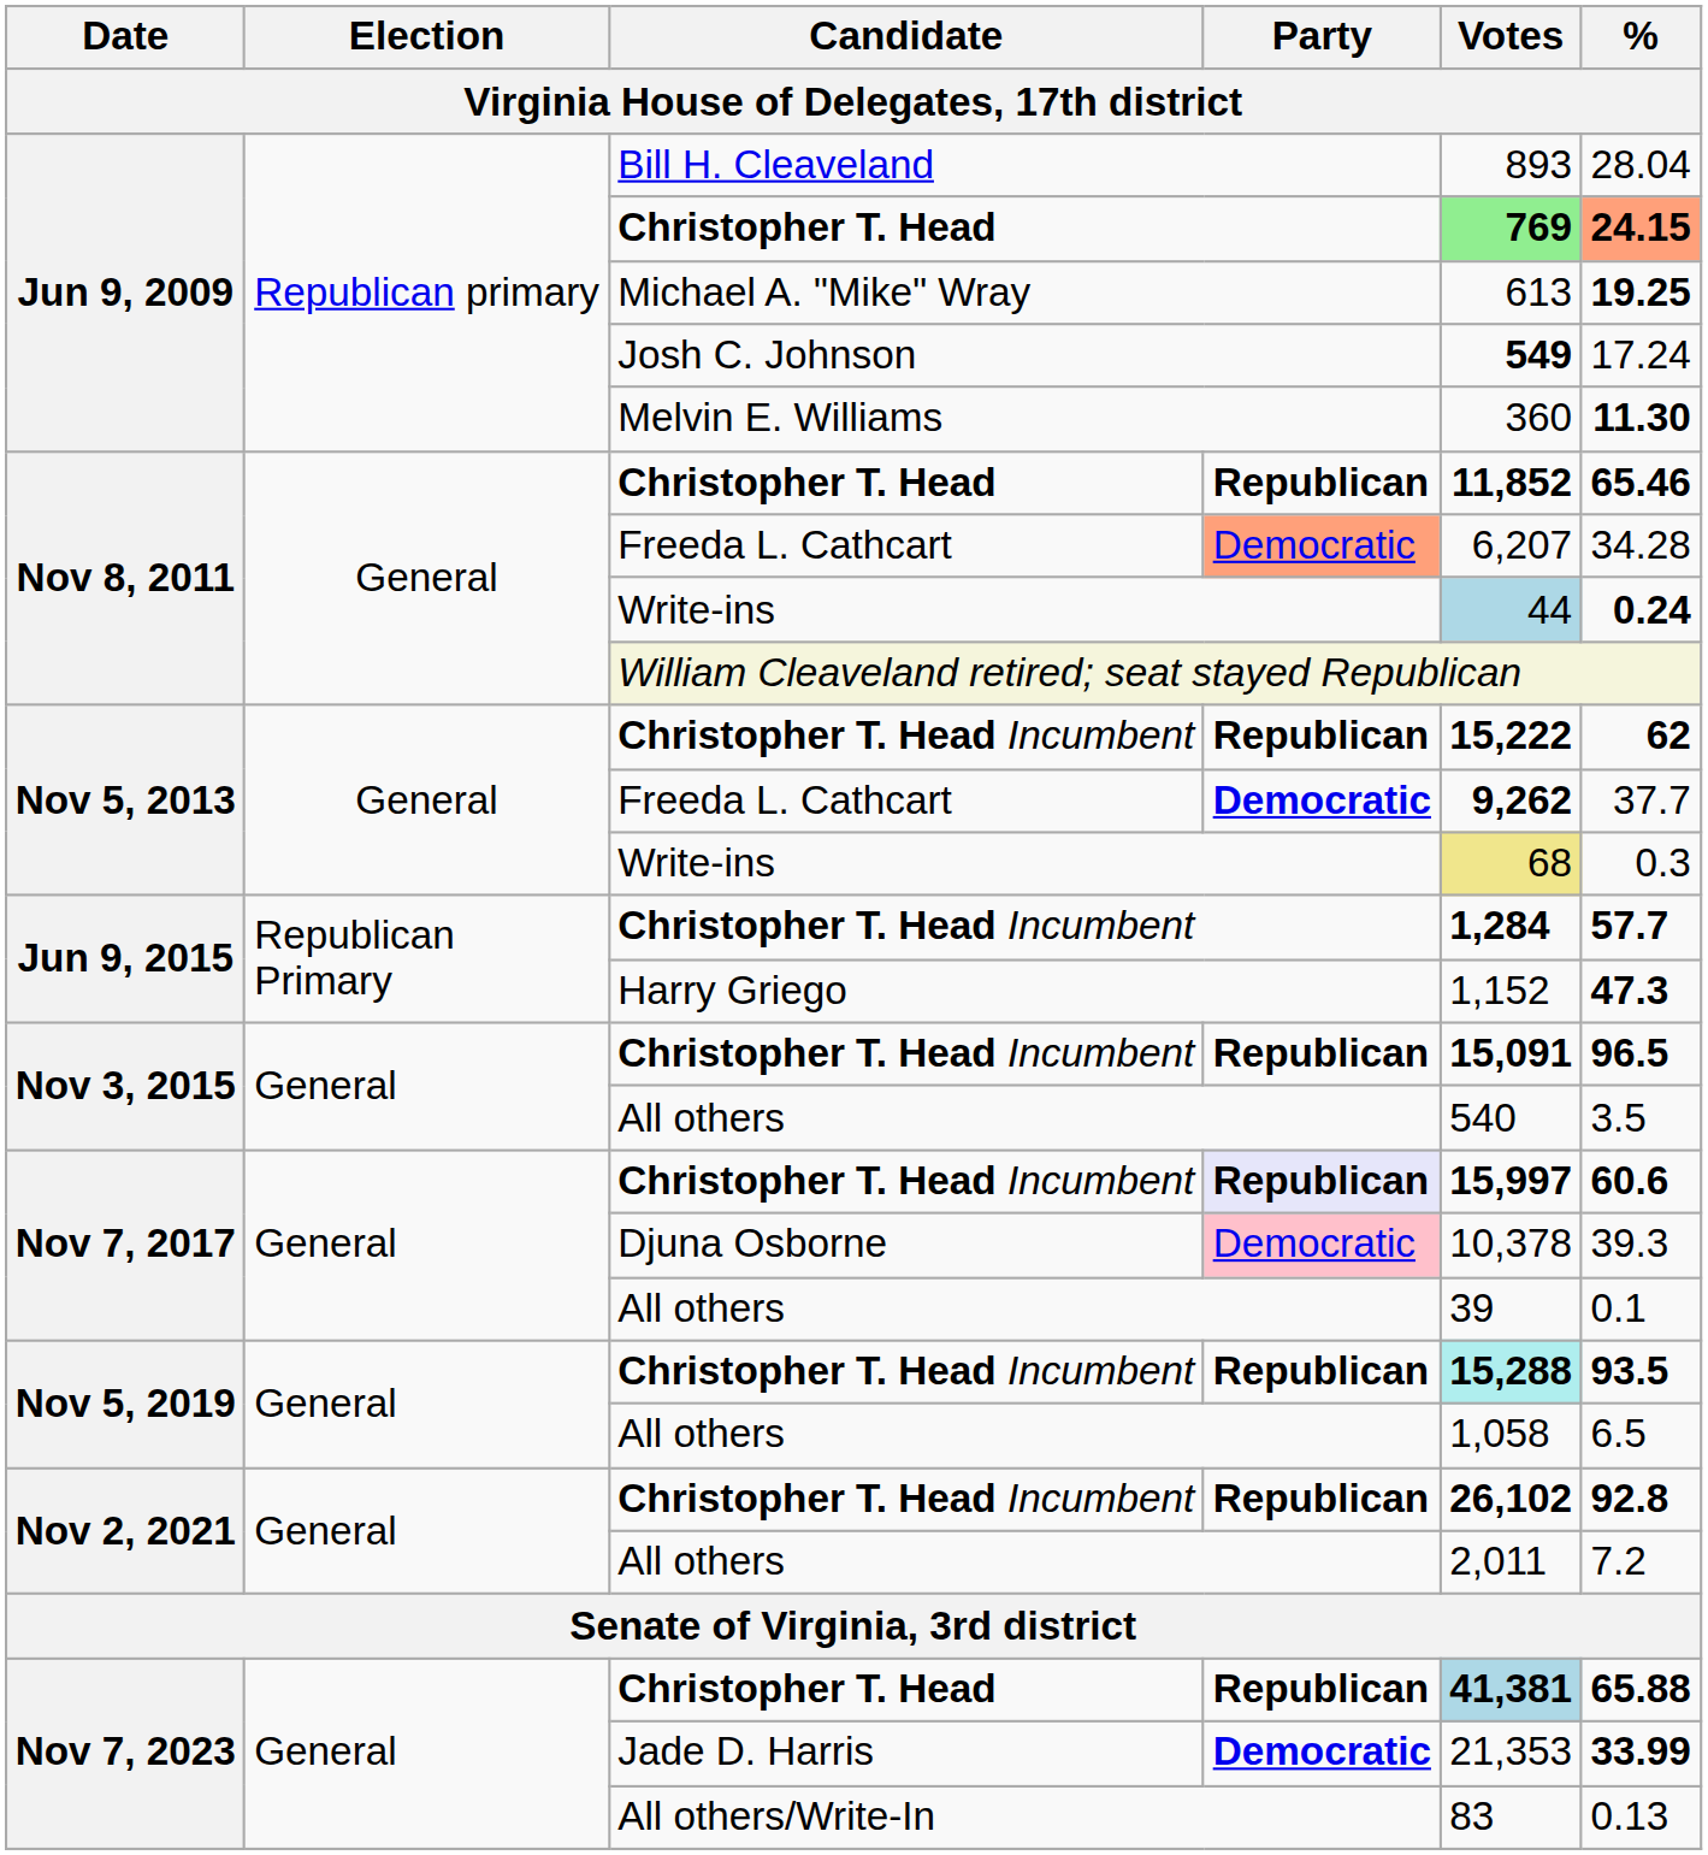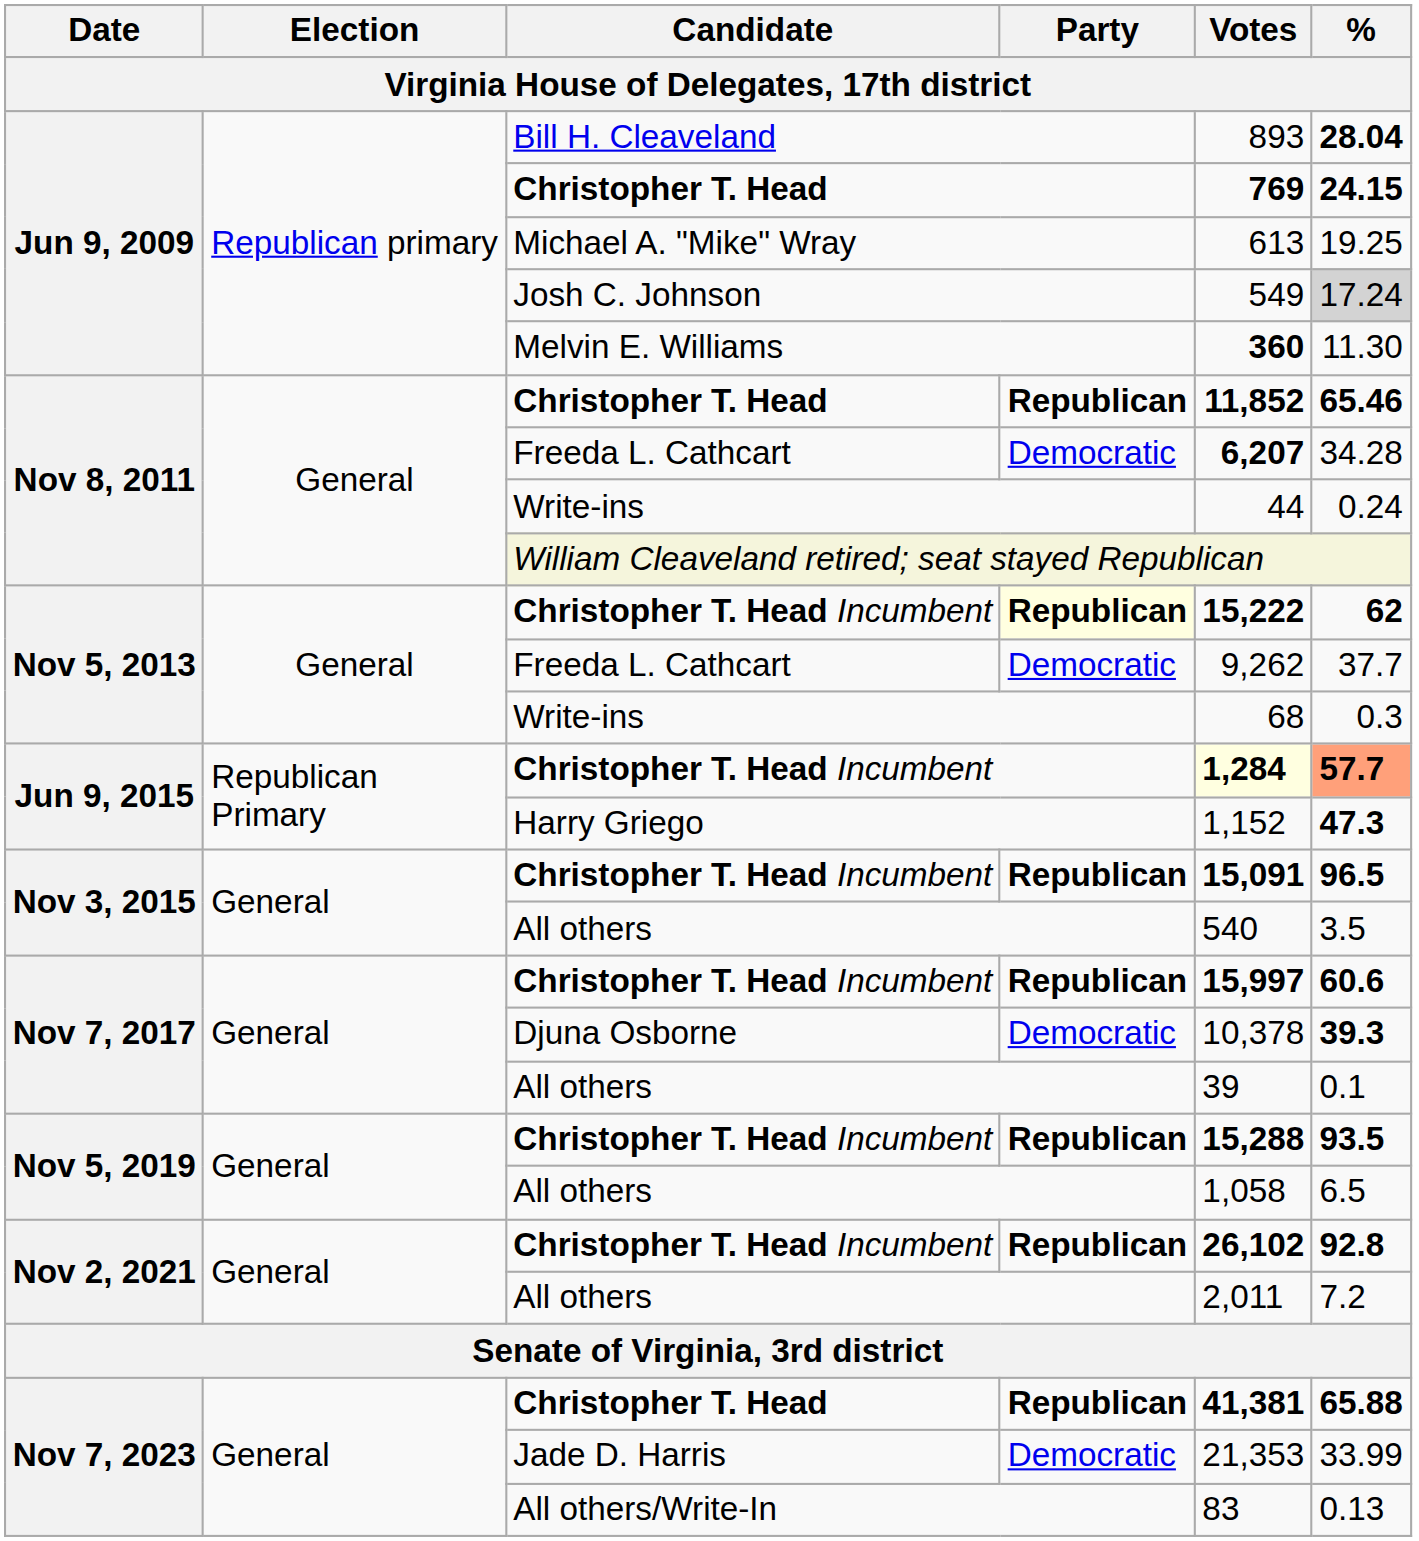 <table class="wikitable">
 <tr>
 <th>Date</th>
 <th>Election</th>
 <th>Candidate</th>
 <th>Party</th>
 <th>Votes</th>
 <th>%</th>
 </tr>
 <tr>
 <th colspan="6">Virginia House of Delegates, 17th district</th>
 </tr>
 <tr>
 <th rowspan="5">Jun 9, 2009</th>
 <td rowspan="5" align="center" ><a href='#'>Republican</a> primary</td>
 <td colspan="2"><a href='#'>Bill H. Cleaveland</a></td>
 <td align="right">893</td>
-<td align="right">28.04</td>
+<td align="right"><strong>28.04</strong></td>
 </tr>
 <tr>
 <td colspan="2"><strong>Christopher T. Head</strong></td>
-<td align="right" style="background: lightgreen;"><strong>769</strong></td>
-<td align="right" style="background: lightsalmon;"><strong>24.15</strong></td>
+<td align="right"><strong>769</strong></td>
+<td align="right"><strong>24.15</strong></td>
 </tr>
 <tr>
 <td colspan="2">Michael A. "Mike" Wray</td>
 <td align="right">613</td>
-<td align="right"><strong>19.25</strong></td>
+<td align="right">19.25</td>
 </tr>
 <tr>
 <td colspan="2">Josh C. Johnson</td>
-<td align="right"><strong>549</strong></td>
-<td align="right">17.24</td>
+<td align="right">549</td>
+<td align="right" style="background: lightgrey;">17.24</td>
 </tr>
 <tr>
 <td colspan="2">Melvin E. Williams</td>
-<td align="right">360</td>
-<td align="right"><strong>11.30</strong></td>
+<td align="right"><strong>360</strong></td>
+<td align="right">11.30</td>
 </tr>
 <tr>
 <th rowspan="4">Nov 8, 2011</th>
 <td rowspan="4" align="center">General</td>
 <td><strong>Christopher T. Head</strong></td>
 <td><strong>Republican</strong></td>
 <td align="right"><strong>11,852</strong></td>
 <td align="right"><strong>65.46</strong></td>
 </tr>
 <tr>
 <td>Freeda L. Cathcart</td>
-<td style="background: lightsalmon;"><a href='#'>Democratic</a></td>
-<td align="right">6,207</td>
+<td><a href='#'>Democratic</a></td>
+<td align="right"><strong>6,207</strong></td>
 <td align="right">34.28</td>
 </tr>
 <tr>
 <td colspan="2">Write-ins</td>
-<td align="right" style="background: lightblue;">44</td>
-<td align="right"><strong>0.24</strong></td>
+<td align="right">44</td>
+<td align="right">0.24</td>
 </tr>
 <tr>
 <td colspan="4" style="background:Beige"><em>William Cleaveland retired; seat stayed Republican</em></td>
 </tr>
 <tr>
 <th rowspan="3">Nov 5, 2013</th>
 <td rowspan="3" align="center">General</td>
 <td><strong>Christopher T. Head</strong> <em>Incumbent</em></td>
-<td><strong>Republican</strong></td>
+<td style="background: lightyellow;"><strong>Republican</strong></td>
 <td align="right"><strong>15,222</strong></td>
 <td align="right"><strong>62</strong></td>
 </tr>
 <tr>
 <td>Freeda L. Cathcart</td>
-<td><strong><a href='#'>Democratic</a></strong></td>
-<td align="right"><strong>9,262</strong></td>
+<td><a href='#'>Democratic</a></td>
+<td align="right">9,262</td>
 <td align="right">37.7</td>
 </tr>
 <tr>
 <td colspan="2">Write-ins</td>
-<td align="right" style="background: khaki;">68</td>
+<td align="right">68</td>
 <td align="right">0.3</td>
 </tr>
 <tr>
 <th rowspan="2">Jun 9, 2015 </th>
 <td rowspan="2">Republican<br>Primary</td>
 <td colspan="2"><strong>Christopher T. Head</strong> <em>Incumbent</em></td>
-<td><strong>1,284</strong></td>
-<td><strong>57.7</strong></td>
+<td style="background: lightyellow;"><strong>1,284</strong></td>
+<td style="background: lightsalmon;"><strong>57.7</strong></td>
 </tr>
 <tr>
 <td colspan="2">Harry Griego</td>
 <td>1,152</td>
 <td><strong>47.3</strong></td>
 </tr>
 <tr>
 <th rowspan="2">Nov 3, 2015 </th>
 <td rowspan="2">General</td>
 <td><strong>Christopher T. Head</strong> <em>Incumbent</em></td>
 <td><strong>Republican</strong></td>
 <td><strong>15,091</strong></td>
 <td><strong>96.5</strong></td>
 </tr>
 <tr>
 <td colspan="2">All others</td>
 <td>540</td>
 <td>3.5</td>
 </tr>
 <tr>
 <th rowspan="3">Nov 7, 2017 </th>
 <td rowspan="3">General</td>
 <td><strong>Christopher T. Head</strong> <em>Incumbent</em></td>
-<td style="background: lavender;"><strong>Republican</strong></td>
+<td><strong>Republican</strong></td>
 <td><strong>15,997</strong></td>
 <td><strong>60.6</strong></td>
 </tr>
 <tr>
 <td>Djuna Osborne</td>
-<td style="background: pink;"><a href='#'>Democratic</a></td>
+<td><a href='#'>Democratic</a></td>
 <td>10,378</td>
-<td>39.3</td>
+<td><strong>39.3</strong></td>
 </tr>
 <tr>
 <td colspan="2">All others</td>
 <td>39</td>
 <td>0.1</td>
 </tr>
 <tr>
 <th rowspan="2">Nov 5, 2019 </th>
 <td rowspan="2">General</td>
 <td><strong>Christopher T. Head</strong> <em>Incumbent</em></td>
 <td><strong>Republican</strong></td>
-<td style="background: paleturquoise;"><strong>15,288</strong></td>
+<td><strong>15,288</strong></td>
 <td><strong>93.5</strong></td>
 </tr>
 <tr>
 <td colspan="2">All others</td>
 <td>1,058</td>
 <td>6.5</td>
 </tr>
 <tr>
 <th rowspan="2">Nov 2, 2021 </th>
 <td rowspan="2">General</td>
 <td><strong>Christopher T. Head</strong> <em>Incumbent</em></td>
 <td><strong>Republican</strong></td>
 <td><strong>26,102</strong></td>
 <td><strong>92.8</strong></td>
 </tr>
 <tr>
 <td colspan="2">All others</td>
 <td>2,011</td>
 <td>7.2</td>
 </tr>
 <tr>
 <th colspan="6">Senate of Virginia, 3rd district</th>
 </tr>
 <tr>
 <th rowspan="3">Nov 7, 2023 </th>
 <td rowspan="3">General</td>
 <td><strong>Christopher T. Head</strong></td>
 <td><strong>Republican</strong></td>
-<td style="background: lightblue;"><strong>41,381</strong></td>
+<td><strong>41,381</strong></td>
 <td><strong>65.88</strong></td>
 </tr>
 <tr>
 <td>Jade D. Harris</td>
-<td><strong><a href='#'>Democratic</a></strong></td>
+<td><a href='#'>Democratic</a></td>
 <td>21,353</td>
-<td><strong>33.99</strong></td>
+<td>33.99</td>
 </tr>
 <tr>
 <td colspan="2">All others/Write-In</td>
 <td>83</td>
 <td>0.13</td>
 </tr>
 </table>
